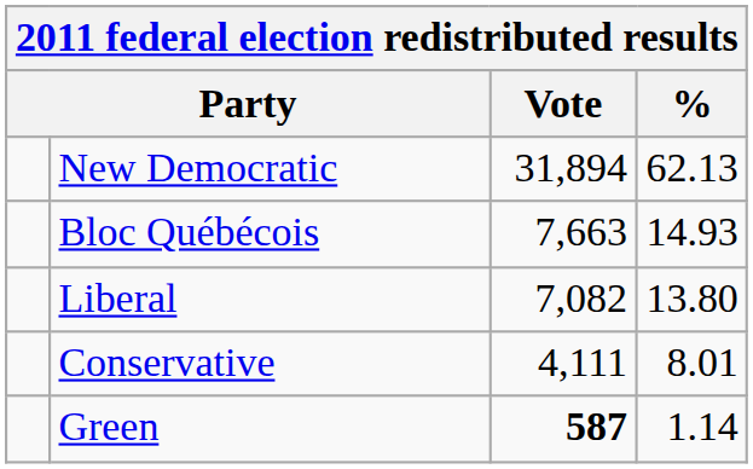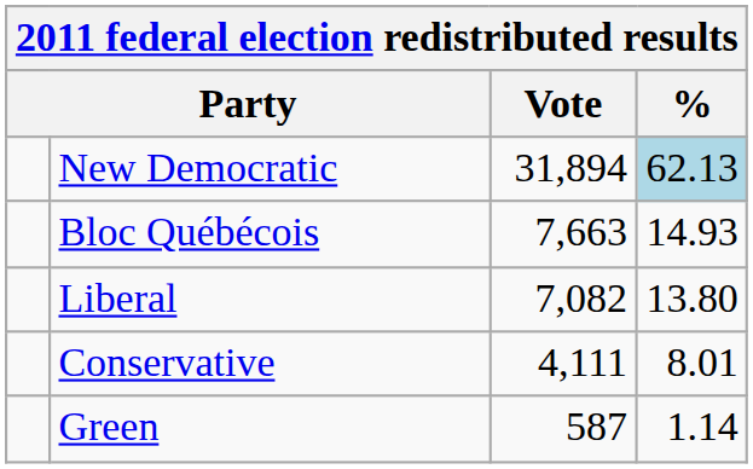 <table class="wikitable">
 <tr>
 <th colspan="4"><a href='#'>2011 federal election</a> redistributed results</th>
 </tr>
 <tr>
 <th bgcolor="#DDDDFF" width="130px" colspan="2">Party</th>
 <th bgcolor="#DDDDFF" width="50px">Vote</th>
 <th bgcolor="#DDDDFF" width="30px">%</th>
 </tr>
 <tr>
 <td> </td>
 <td><a href='#'>New Democratic</a></td>
 <td align=right>31,894</td>
-<td align=right>62.13</td>
+<td align=right style="background: lightblue;">62.13</td>
 </tr>
 <tr>
 <td> </td>
 <td><a href='#'>Bloc Québécois</a></td>
 <td align=right>7,663</td>
 <td align=right>14.93</td>
 </tr>
 <tr>
 <td> </td>
 <td><a href='#'>Liberal</a></td>
 <td align=right>7,082</td>
 <td align=right>13.80</td>
 </tr>
 <tr>
 <td> </td>
 <td><a href='#'>Conservative</a></td>
 <td align=right>4,111</td>
 <td align=right>8.01</td>
 </tr>
 <tr>
 <td> </td>
 <td><a href='#'>Green</a></td>
-<td align=right><strong>587</strong></td>
+<td align=right>587</td>
 <td align=right>1.14</td>
 </tr>
 </table>
